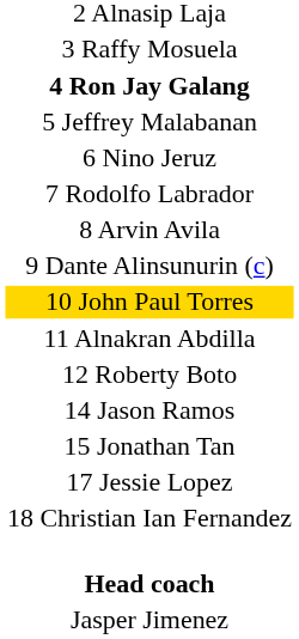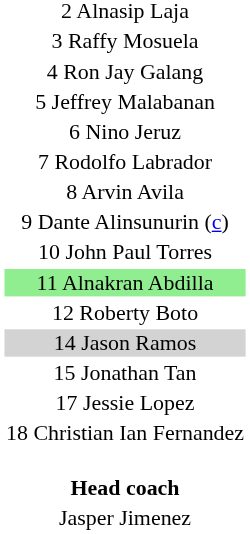 <table style="text-align: center; margin-top: 2em; margin-left: auto; margin-right: auto">
 <tr>
 <td>2 Alnasip Laja</td>
 </tr>
 <tr>
 <td>3 Raffy Mosuela</td>
 </tr>
 <tr>
-<td><strong>4 Ron Jay Galang</strong></td>
+<td>4 Ron Jay Galang</td>
 </tr>
 <tr>
 <td>5 Jeffrey Malabanan</td>
 </tr>
 <tr>
 <td>6 Nino Jeruz</td>
 </tr>
 <tr>
 <td>7 Rodolfo Labrador</td>
 </tr>
 <tr>
 <td>8 Arvin Avila</td>
 </tr>
 <tr>
 <td>9 Dante Alinsunurin (<a href='#'>c</a>)</td>
 </tr>
 <tr>
-<td style="background: gold;">10 John Paul Torres</td>
+<td>10 John Paul Torres</td>
 </tr>
 <tr>
-<td>11 Alnakran Abdilla</td>
+<td style="background: lightgreen;">11 Alnakran Abdilla</td>
 </tr>
 <tr>
 <td>12 Roberty Boto</td>
 </tr>
 <tr>
-<td>14 Jason Ramos</td>
+<td style="background: lightgrey;">14 Jason Ramos</td>
 </tr>
 <tr>
 <td>15 Jonathan Tan</td>
 </tr>
 <tr>
 <td>17 Jessie Lopez</td>
 </tr>
 <tr>
 <td>18 Christian Ian Fernandez</td>
 </tr>
 <tr>
 <td><br><strong>Head coach</strong></td>
 </tr>
 <tr>
 <td>Jasper Jimenez</td>
 </tr>
 </table>
